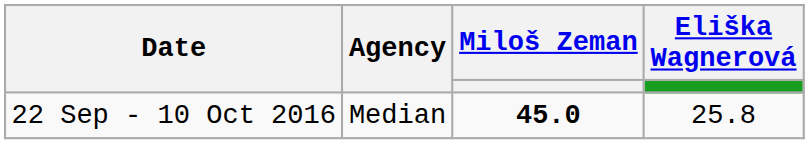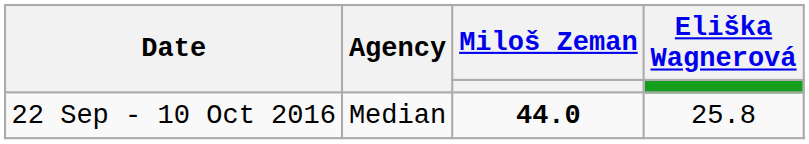 <table class="wikitable collapsible collapsed" style=text-align:center>
 <tr>
 <th rowspan="2">Date</th>
 <th rowspan="2">Agency</th>
 <th><a href='#'>Miloš Zeman</a></th>
 <th><a href='#'>Eliška Wagnerová</a></th>
 </tr>
 <tr>
 <th style="background:"></th>
 <th style="background:#179E1E; width:40px;"></th>
 </tr>
 <tr>
 <td>22 Sep - 10 Oct 2016</td>
 <td>Median</td>
-<td><strong>45.0</strong></td>
+<td><strong>44.0</strong></td>
 <td>25.8</td>
 </tr>
 </table>
